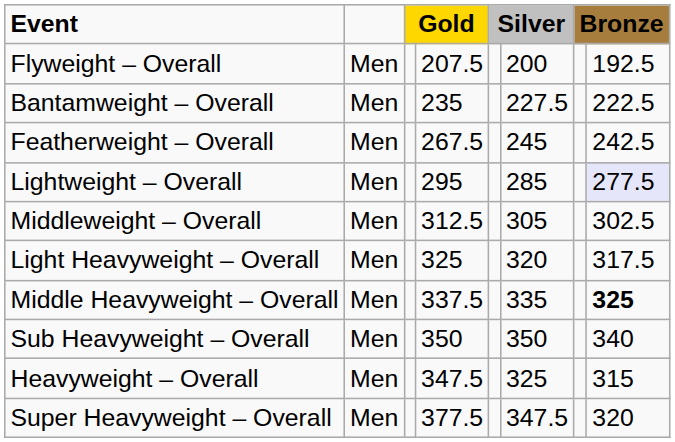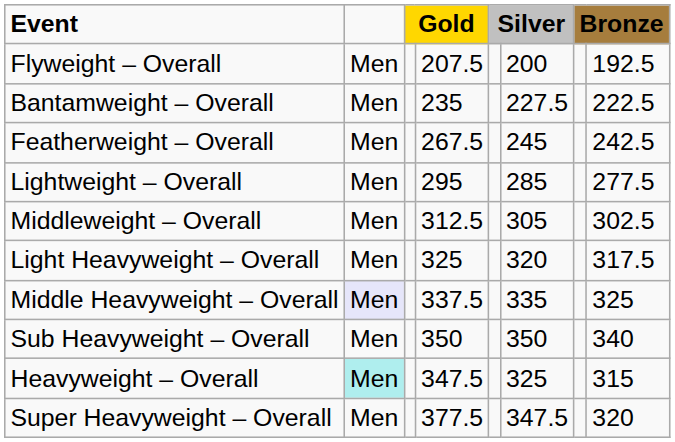 <table class="wikitable">
 <tr>
 <td><strong>Event</strong></td>
 <td></td>
 <td !  style="text-align:center; background:gold;" colspan="2"><strong>Gold</strong></td>
 <td !  style="text-align:center; background:silver;" colspan="2"><strong>Silver</strong></td>
 <td !  style="text-align:center; background:#a67d3d;" colspan="2"><strong>Bronze</strong></td>
 </tr>
 <tr>
 <td>Flyweight – Overall</td>
 <td>Men</td>
 <td></td>
 <td>207.5</td>
 <td></td>
 <td>200</td>
 <td></td>
 <td>192.5</td>
 </tr>
 <tr>
 <td>Bantamweight – Overall</td>
 <td>Men</td>
 <td></td>
 <td>235</td>
 <td></td>
 <td>227.5</td>
 <td></td>
 <td>222.5</td>
 </tr>
 <tr>
 <td>Featherweight – Overall</td>
 <td>Men</td>
 <td></td>
 <td>267.5</td>
 <td></td>
 <td>245</td>
 <td></td>
 <td>242.5</td>
 </tr>
 <tr>
 <td>Lightweight – Overall</td>
 <td>Men</td>
 <td></td>
 <td>295</td>
 <td></td>
 <td>285</td>
 <td></td>
-<td style="background: lavender;">277.5</td>
+<td>277.5</td>
 </tr>
 <tr>
 <td>Middleweight – Overall</td>
 <td>Men</td>
 <td></td>
 <td>312.5</td>
 <td></td>
 <td>305</td>
 <td></td>
 <td>302.5</td>
 </tr>
 <tr>
 <td>Light Heavyweight – Overall</td>
 <td>Men</td>
 <td></td>
 <td>325</td>
 <td></td>
 <td>320</td>
 <td></td>
 <td>317.5</td>
 </tr>
 <tr>
 <td>Middle Heavyweight – Overall</td>
-<td>Men</td>
+<td style="background: lavender;">Men</td>
 <td></td>
 <td>337.5</td>
 <td></td>
 <td>335</td>
 <td></td>
-<td><strong>325</strong></td>
+<td>325</td>
 </tr>
 <tr>
 <td>Sub Heavyweight – Overall</td>
 <td>Men</td>
 <td></td>
 <td>350</td>
 <td></td>
 <td>350</td>
 <td></td>
 <td>340</td>
 </tr>
 <tr>
 <td>Heavyweight – Overall</td>
-<td>Men</td>
+<td style="background: paleturquoise;">Men</td>
 <td></td>
 <td>347.5</td>
 <td></td>
 <td>325</td>
 <td></td>
 <td>315</td>
 </tr>
 <tr>
 <td>Super Heavyweight – Overall</td>
 <td>Men</td>
 <td></td>
 <td>377.5</td>
 <td></td>
 <td>347.5</td>
 <td></td>
 <td>320</td>
 </tr>
 </table>
